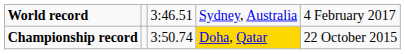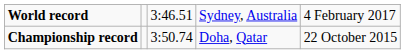 <table class="wikitable">
 <tr>
 <td><strong>World record</strong></td>
 <td></td>
 <td>3:46.51</td>
 <td><a href='#'>Sydney</a>, <a href='#'>Australia</a></td>
 <td>4 February 2017</td>
 </tr>
 <tr>
 <td><strong>Championship record</strong></td>
 <td></td>
 <td>3:50.74</td>
-<td style="background: gold;"><a href='#'>Doha</a>, <a href='#'>Qatar</a></td>
+<td><a href='#'>Doha</a>, <a href='#'>Qatar</a></td>
 <td>22 October 2015</td>
 </tr>
 </table>
